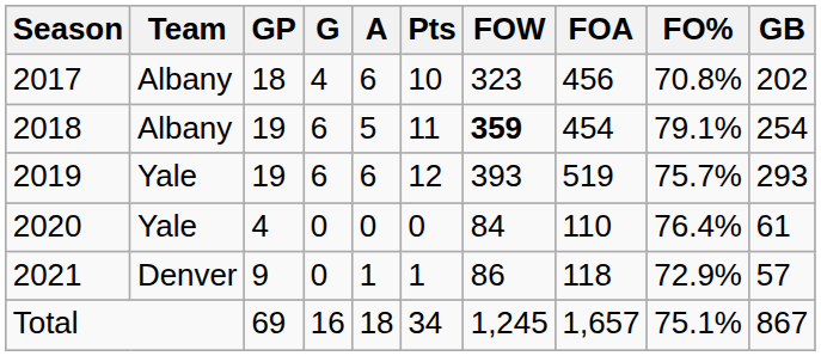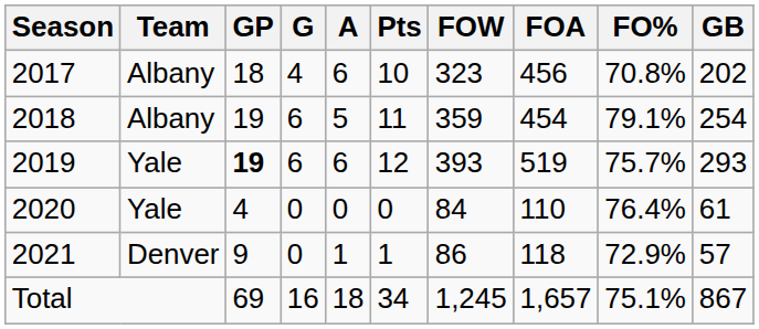 <table class="wikitable">
 <tr>
 <th>Season</th>
 <th>Team</th>
 <th>GP</th>
 <th>G</th>
 <th>A</th>
 <th>Pts</th>
 <th>FOW</th>
 <th>FOA</th>
 <th>FO%</th>
 <th>GB</th>
 </tr>
 <tr>
 <td>2017</td>
 <td>Albany</td>
 <td>18</td>
 <td>4</td>
 <td>6</td>
 <td>10</td>
 <td>323</td>
 <td>456</td>
 <td>70.8%</td>
 <td>202</td>
 </tr>
 <tr>
 <td>2018</td>
 <td>Albany</td>
 <td>19</td>
 <td>6</td>
 <td>5</td>
 <td>11</td>
-<td><strong>359</strong></td>
+<td>359</td>
 <td>454</td>
 <td>79.1%</td>
 <td>254</td>
 </tr>
 <tr>
 <td>2019</td>
 <td>Yale</td>
-<td>19</td>
+<td><strong>19</strong></td>
 <td>6</td>
 <td>6</td>
 <td>12</td>
 <td>393</td>
 <td>519</td>
 <td>75.7%</td>
 <td>293</td>
 </tr>
 <tr>
 <td>2020</td>
 <td>Yale</td>
 <td>4</td>
 <td>0</td>
 <td>0</td>
 <td>0</td>
 <td>84</td>
 <td>110</td>
 <td>76.4%</td>
 <td>61</td>
 </tr>
 <tr>
 <td>2021</td>
 <td>Denver</td>
 <td>9</td>
 <td>0</td>
 <td>1</td>
 <td>1</td>
 <td>86</td>
 <td>118</td>
 <td>72.9%</td>
 <td>57</td>
 </tr>
 <tr>
 <td colspan="2">Total</td>
 <td>69</td>
 <td>16</td>
 <td>18</td>
 <td>34</td>
 <td>1,245</td>
 <td>1,657</td>
 <td>75.1%</td>
 <td>867</td>
 </tr>
 </table>
